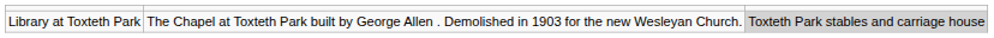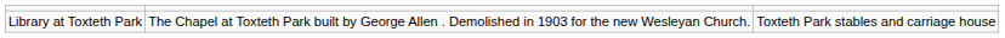 <table class="wikitable" border="1">
 <tr>
 <td></td>
 <td></td>
 <td></td>
 </tr>
 <tr>
 <td>Library at Toxteth Park </td>
 <td>The Chapel at Toxteth Park built by George Allen . Demolished in 1903 for the new Wesleyan Church.</td>
-<td style="background: lightgrey;">Toxteth Park stables and carriage house </td>
+<td>Toxteth Park stables and carriage house </td>
 </tr>
 </table>
